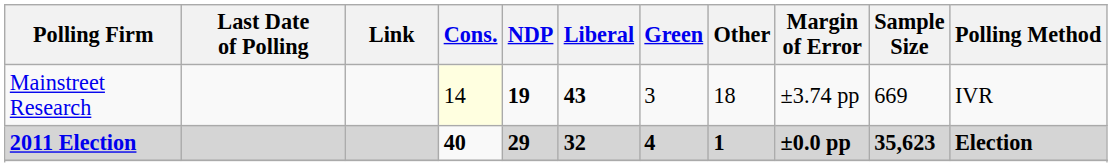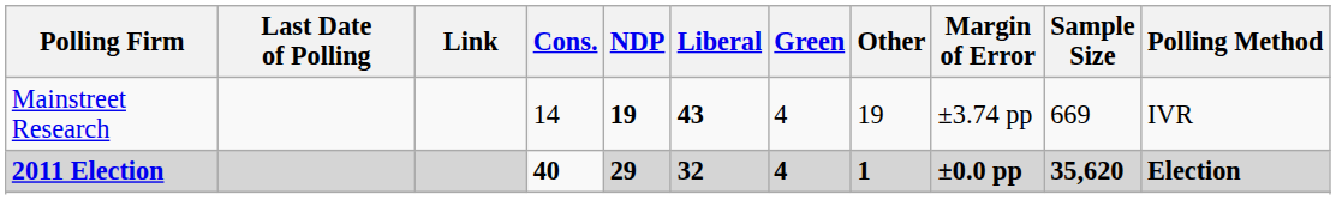 <table class="wikitable sortable">
 <tr style="background:#e9e9e9;">
 <th style="width:120px">Polling Firm</th>
 <th style="width:110px">Last Date<br>of Polling</th>
 <th style="width:60px" class="unsortable">Link</th>
 <th style="background-color:"><strong><a href='#'>Cons.</a></strong></th>
 <th style="background-color:"><strong><a href='#'>NDP</a></strong></th>
 <th style="background-color:"><strong><a href='#'>Liberal</a></strong></th>
 <th style="background-color:"><strong><a href='#'>Green</a></strong></th>
 <th style="background-color:"><strong>Other</strong></th>
 <th style="width:60px;" class=unsortable>Margin<br>of Error</th>
 <th style="width:50px;" class=unsortable>Sample<br>Size</th>
 <th class=unsortable>Polling Method</th>
 </tr>
 <tr>
 <td><a href='#'>Mainstreet Research</a></td>
 <td></td>
 <td></td>
-<td style="background: lightyellow;">14</td>
+<td>14</td>
 <td><strong>19</strong></td>
 <td><strong>43</strong></td>
-<td>3</td>
-<td>18</td>
+<td>4</td>
+<td>19</td>
 <td>±3.74 pp</td>
 <td>669</td>
 <td>IVR</td>
 </tr>
 <tr>
 <td style="background:#D5D5D5"><strong><a href='#'>2011 Election</a></strong></td>
 <td style="background:#D5D5D5"><strong></strong></td>
 <td style="background:#D5D5D5"></td>
 <td><strong>40</strong></td>
 <td style="background:#D5D5D5"><strong>29</strong></td>
 <td style="background:#D5D5D5"><strong>32</strong></td>
 <td style="background:#D5D5D5"><strong>4</strong></td>
 <td style="background:#D5D5D5"><strong>1</strong></td>
 <td style="background:#D5D5D5"><strong>±0.0 pp</strong></td>
-<td style="background:#D5D5D5"><strong>35,623</strong></td>
+<td style="background:#D5D5D5"><strong>35,620</strong></td>
 <td style="background:#D5D5D5"><strong>Election</strong></td>
 </tr>
 <tr>
 </tr>
 <tr>
 </tr>
 </table>
